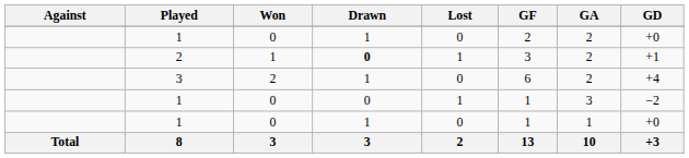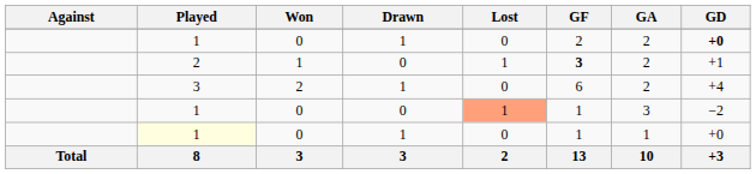 <table class="sortable wikitable" style="width:60%; font-size:90%; text-align:center;">
 <tr>
 <th>Against</th>
 <th>Played</th>
 <th>Won</th>
 <th>Drawn</th>
 <th>Lost</th>
 <th>GF</th>
 <th>GA</th>
 <th>GD</th>
 </tr>
 <tr bgcolor="#d0ffd0" align="center">
 </tr>
 <tr>
 <td align=left></td>
 <td>1</td>
 <td>0</td>
 <td>1</td>
 <td>0</td>
 <td>2</td>
 <td>2</td>
-<td>+0</td>
+<td><strong>+0</strong></td>
 </tr>
 <tr>
 <td align=left></td>
 <td>2</td>
 <td>1</td>
-<td><strong>0</strong></td>
+<td>0</td>
 <td>1</td>
-<td>3</td>
+<td><strong>3</strong></td>
 <td>2</td>
 <td>+1</td>
 </tr>
 <tr>
 <td align=left></td>
 <td>3</td>
 <td>2</td>
 <td>1</td>
 <td>0</td>
 <td>6</td>
 <td>2</td>
 <td>+4</td>
 </tr>
 <tr>
 <td align=left></td>
 <td>1</td>
 <td>0</td>
 <td>0</td>
-<td>1</td>
+<td style="background: lightsalmon;">1</td>
 <td>1</td>
 <td>3</td>
 <td>−2</td>
 </tr>
 <tr>
 <td align=left></td>
-<td>1</td>
+<td style="background: lightyellow;">1</td>
 <td>0</td>
 <td>1</td>
 <td>0</td>
 <td>1</td>
 <td>1</td>
 <td>+0</td>
 </tr>
 <tr class="sortbottom">
 <th>Total</th>
 <th>8</th>
 <th>3</th>
 <th>3</th>
 <th>2</th>
 <th>13</th>
 <th>10</th>
 <th>+3</th>
 </tr>
 </table>
